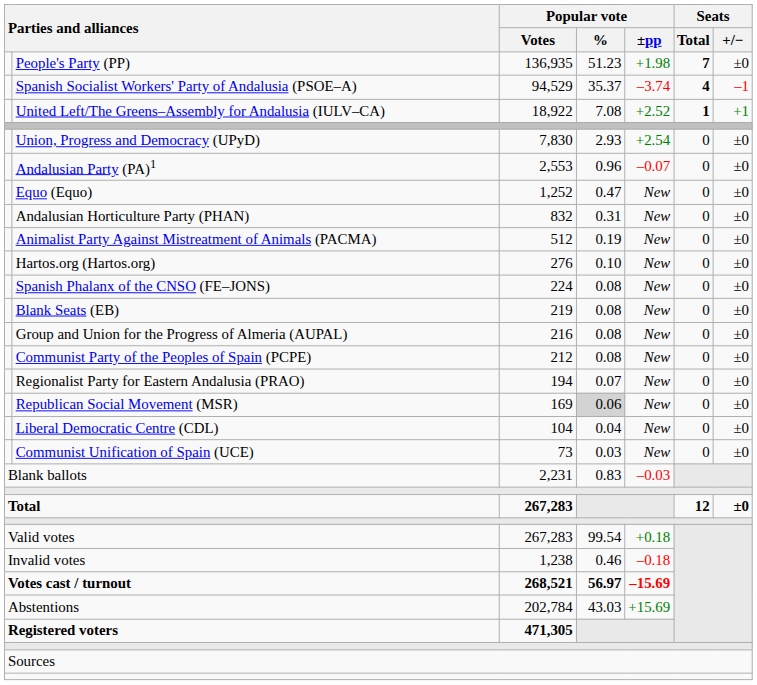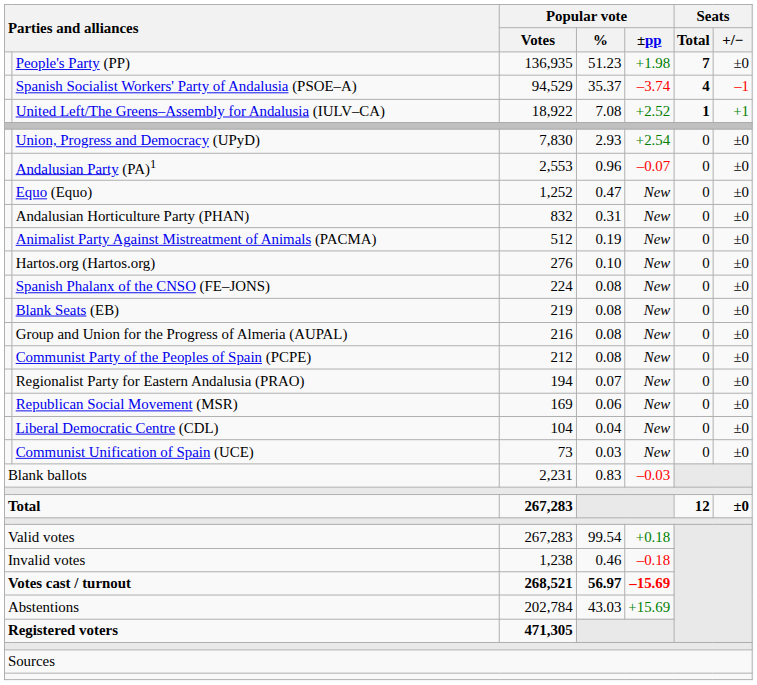 <table class="wikitable" style="text-align:right;">
 <tr>
 <th style="text-align:left;" rowspan="2" colspan="2" width="525">Parties and alliances</th>
 <th colspan="3">Popular vote</th>
 <th colspan="2">Seats</th>
 </tr>
 <tr>
 <th width="75">Votes</th>
 <th width="45">%</th>
 <th width="45">±<a href='#'>pp</a></th>
 <th width="35">Total</th>
 <th width="35">+/−</th>
 </tr>
 <tr>
 <td width="1" style="color:inherit;background:"></td>
 <td align="left"><a href='#'>People's Party</a> (PP)</td>
 <td>136,935</td>
 <td>51.23</td>
 <td style="color:green;">+1.98</td>
 <td><strong>7</strong></td>
 <td>±0</td>
 </tr>
 <tr>
 <td style="color:inherit;background:"></td>
 <td align="left"><a href='#'>Spanish Socialist Workers' Party of Andalusia</a> (PSOE–A)</td>
 <td>94,529</td>
 <td>35.37</td>
 <td style="color:red;">–3.74</td>
 <td><strong>4</strong></td>
 <td style="color:red;">–1</td>
 </tr>
 <tr>
 <td style="color:inherit;background:"></td>
 <td align="left"><a href='#'>United Left/The Greens–Assembly for Andalusia</a> (IULV–CA)</td>
 <td>18,922</td>
 <td>7.08</td>
 <td style="color:green;">+2.52</td>
 <td><strong>1</strong></td>
 <td style="color:green;">+1</td>
 </tr>
 <tr>
 <td colspan="7" bgcolor="#C0C0C0"></td>
 </tr>
 <tr>
 <td style="color:inherit;background:"></td>
 <td align="left"><a href='#'>Union, Progress and Democracy</a> (UPyD)</td>
 <td>7,830</td>
 <td>2.93</td>
 <td style="color:green;">+2.54</td>
 <td>0</td>
 <td>±0</td>
 </tr>
 <tr>
 <td style="color:inherit;background:"></td>
 <td align="left"><a href='#'>Andalusian Party</a> (PA)<sup>1</sup></td>
 <td>2,553</td>
 <td>0.96</td>
 <td style="color:red;">–0.07</td>
 <td>0</td>
 <td>±0</td>
 </tr>
 <tr>
 <td style="color:inherit;background:"></td>
 <td align="left"><a href='#'>Equo</a> (Equo)</td>
 <td>1,252</td>
 <td>0.47</td>
 <td><em>New</em></td>
 <td>0</td>
 <td>±0</td>
 </tr>
 <tr>
 <td style="color:inherit;background:"></td>
 <td align="left">Andalusian Horticulture Party (PHAN)</td>
 <td>832</td>
 <td>0.31</td>
 <td><em>New</em></td>
 <td>0</td>
 <td>±0</td>
 </tr>
 <tr>
 <td style="color:inherit;background:"></td>
 <td align="left"><a href='#'>Animalist Party Against Mistreatment of Animals</a> (PACMA)</td>
 <td>512</td>
 <td>0.19</td>
 <td><em>New</em></td>
 <td>0</td>
 <td>±0</td>
 </tr>
 <tr>
 <td style="color:inherit;background:"></td>
 <td align="left">Hartos.org (Hartos.org)</td>
 <td>276</td>
 <td>0.10</td>
 <td><em>New</em></td>
 <td>0</td>
 <td>±0</td>
 </tr>
 <tr>
 <td style="color:inherit;background:"></td>
 <td align="left"><a href='#'>Spanish Phalanx of the CNSO</a> (FE–JONS)</td>
 <td>224</td>
 <td>0.08</td>
 <td><em>New</em></td>
 <td>0</td>
 <td>±0</td>
 </tr>
 <tr>
 <td style="color:inherit;background:"></td>
 <td align="left"><a href='#'>Blank Seats</a> (EB)</td>
 <td>219</td>
 <td>0.08</td>
 <td><em>New</em></td>
 <td>0</td>
 <td>±0</td>
 </tr>
 <tr>
 <td style="color:inherit;background:"></td>
 <td align="left">Group and Union for the Progress of Almeria (AUPAL)</td>
 <td>216</td>
 <td>0.08</td>
 <td><em>New</em></td>
 <td>0</td>
 <td>±0</td>
 </tr>
 <tr>
 <td style="color:inherit;background:"></td>
 <td align="left"><a href='#'>Communist Party of the Peoples of Spain</a> (PCPE)</td>
 <td>212</td>
 <td>0.08</td>
 <td><em>New</em></td>
 <td>0</td>
 <td>±0</td>
 </tr>
 <tr>
 <td style="color:inherit;background:"></td>
 <td align="left">Regionalist Party for Eastern Andalusia (PRAO)</td>
 <td>194</td>
 <td>0.07</td>
 <td><em>New</em></td>
 <td>0</td>
 <td>±0</td>
 </tr>
 <tr>
 <td style="color:inherit;background:"></td>
 <td align="left"><a href='#'>Republican Social Movement</a> (MSR)</td>
 <td>169</td>
-<td style="background: lightgrey;">0.06</td>
+<td>0.06</td>
 <td><em>New</em></td>
 <td>0</td>
 <td>±0</td>
 </tr>
 <tr>
 <td style="color:inherit;background:"></td>
 <td align="left"><a href='#'>Liberal Democratic Centre</a> (CDL)</td>
 <td>104</td>
 <td>0.04</td>
 <td><em>New</em></td>
 <td>0</td>
 <td>±0</td>
 </tr>
 <tr>
 <td style="color:inherit;background:"></td>
 <td align="left"><a href='#'>Communist Unification of Spain</a> (UCE)</td>
 <td>73</td>
 <td>0.03</td>
 <td><em>New</em></td>
 <td>0</td>
 <td>±0</td>
 </tr>
 <tr>
 <td align="left" colspan="2">Blank ballots</td>
 <td>2,231</td>
 <td>0.83</td>
 <td style="color:red;">–0.03</td>
 <td bgcolor="#E9E9E9" colspan="2"></td>
 </tr>
 <tr>
 <td colspan="7" bgcolor="#E9E9E9"></td>
 </tr>
 <tr style="font-weight:bold;">
 <td align="left" colspan="2">Total</td>
 <td>267,283</td>
 <td bgcolor="#E9E9E9" colspan="2"></td>
 <td>12</td>
 <td>±0</td>
 </tr>
 <tr>
 <td colspan="7" bgcolor="#E9E9E9"></td>
 </tr>
 <tr>
 <td align="left" colspan="2">Valid votes</td>
 <td>267,283</td>
 <td>99.54</td>
 <td style="color:green;">+0.18</td>
 <td bgcolor="#E9E9E9" colspan="2" rowspan="5"></td>
 </tr>
 <tr>
 <td align="left" colspan="2">Invalid votes</td>
 <td>1,238</td>
 <td>0.46</td>
 <td style="color:red;">–0.18</td>
 </tr>
 <tr style="font-weight:bold;">
 <td align="left" colspan="2">Votes cast / turnout</td>
 <td>268,521</td>
 <td>56.97</td>
 <td style="color:red;">–15.69</td>
 </tr>
 <tr>
 <td align="left" colspan="2">Abstentions</td>
 <td>202,784</td>
 <td>43.03</td>
 <td style="color:green;">+15.69</td>
 </tr>
 <tr style="font-weight:bold;">
 <td align="left" colspan="2">Registered voters</td>
 <td>471,305</td>
 <td bgcolor="#E9E9E9" colspan="2"></td>
 </tr>
 <tr>
 <td colspan="7" bgcolor="#E9E9E9"></td>
 </tr>
 <tr>
 <td align="left" colspan="7">Sources</td>
 </tr>
 <tr>
 <td colspan="7" style="text-align:left; max-width:790px;"></td>
 </tr>
 </table>
